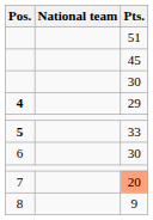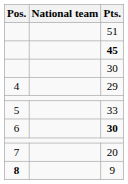 <table class=wikitable style="font-size: 95%">
 <tr>
 <th>Pos.</th>
 <th>National team</th>
 <th>Pts.</th>
 </tr>
 <tr align=center>
 <td></td>
 <td align=left></td>
 <td>51</td>
 </tr>
 <tr align=center>
 <td></td>
 <td align=left></td>
-<td>45</td>
+<td><strong>45</strong></td>
 </tr>
 <tr align=center>
 <td></td>
 <td align=left></td>
 <td>30</td>
 </tr>
 <tr align=center>
-<td><strong>4</strong></td>
+<td>4</td>
 <td align=left></td>
 <td>29</td>
 </tr>
 <tr>
 <td colspan=3 ></td>
 </tr>
 <tr align=center>
-<td><strong>5</strong></td>
+<td>5</td>
 <td align=left></td>
 <td>33</td>
 </tr>
 <tr align=center>
 <td>6</td>
 <td align=left></td>
-<td>30</td>
+<td><strong>30</strong></td>
 </tr>
 <tr>
 <td colspan=3 ></td>
 </tr>
 <tr align=center>
 <td>7</td>
 <td align=left></td>
-<td style="background: lightsalmon;">20</td>
+<td>20</td>
 </tr>
 <tr align=center>
-<td>8</td>
+<td><strong>8</strong></td>
 <td align=left></td>
 <td>9</td>
 </tr>
 </table>
